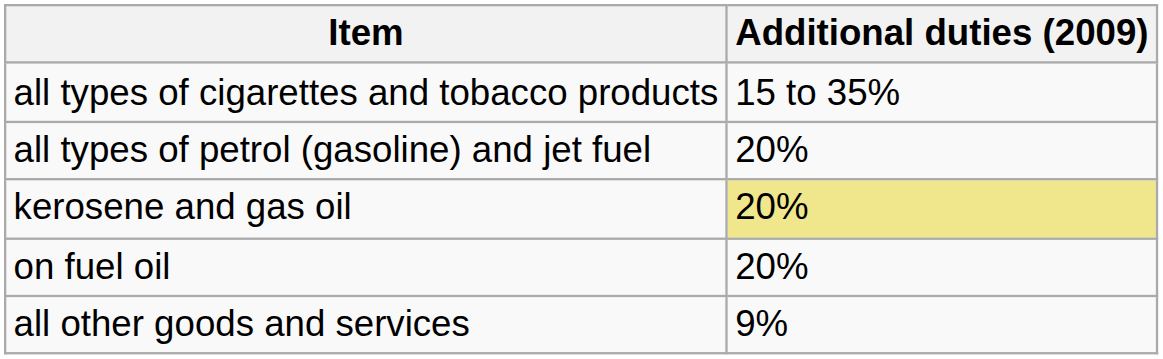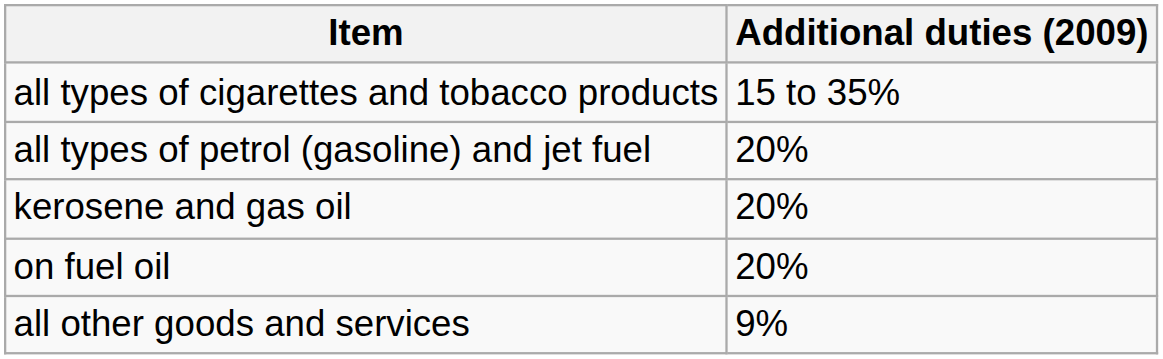 <table class="wikitable">
 <tr>
 <th>Item</th>
 <th>Additional duties (2009)</th>
 </tr>
 <tr>
 <td>all types of cigarettes and tobacco products</td>
 <td>15 to 35%</td>
 </tr>
 <tr>
 <td>all types of petrol (gasoline) and jet fuel</td>
 <td>20%</td>
 </tr>
 <tr>
 <td>kerosene and gas oil</td>
-<td style="background: khaki;">20%</td>
+<td>20%</td>
 </tr>
 <tr>
 <td>on fuel oil</td>
 <td>20%</td>
 </tr>
 <tr>
 <td>all other goods and services</td>
 <td>9%</td>
 </tr>
 </table>
